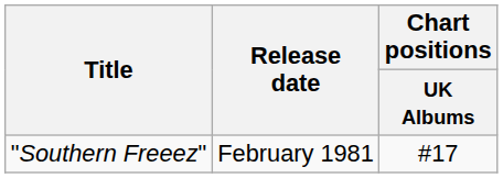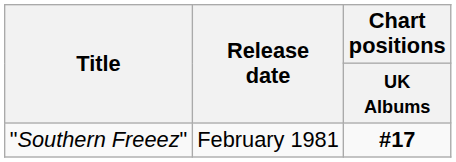 <table class="wikitable">
 <tr>
 <th rowspan="2">Title</th>
 <th rowspan="2">Release<br>date</th>
 <th>Chart positions</th>
 </tr>
 <tr>
 <th width="60"><small>UK Albums</small></th>
 </tr>
 <tr>
 <td>"<em>Southern Freeez</em>"</td>
 <td align="center">February 1981</td>
-<td align="center">#17</td>
+<td align="center"><strong>#17</strong></td>
 </tr>
 </table>
